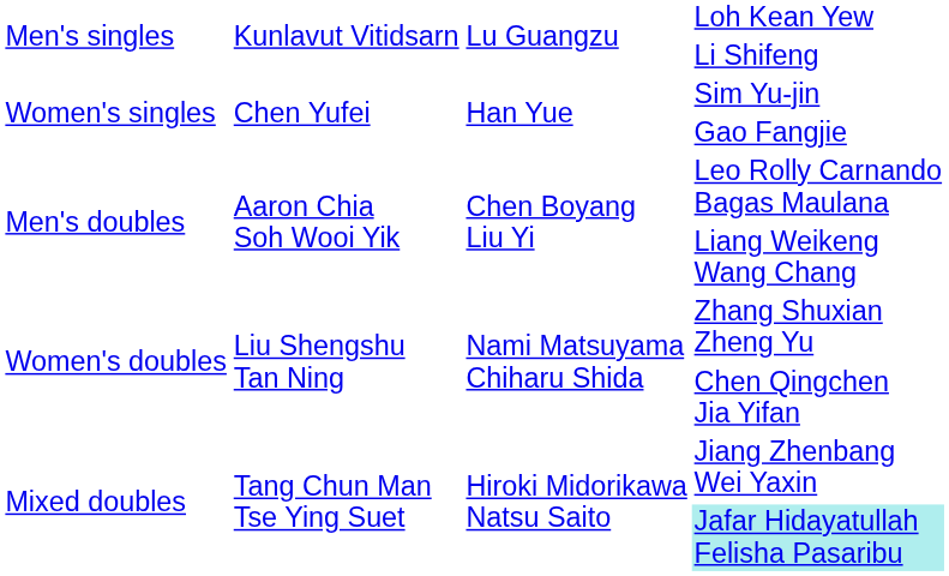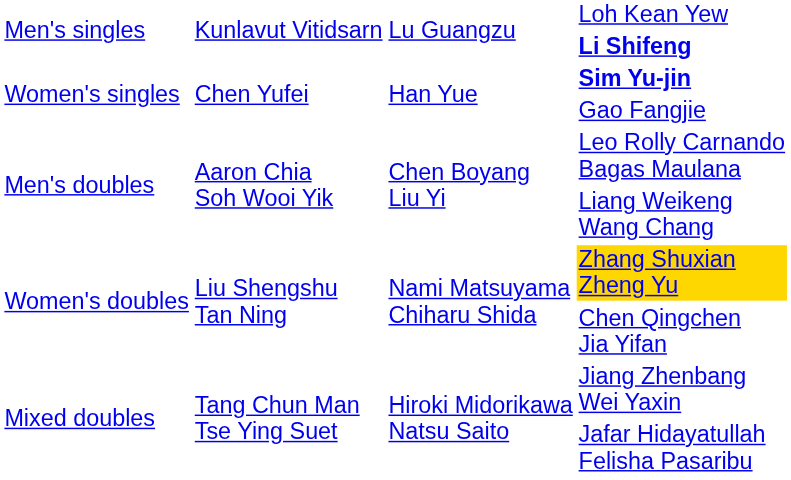 <table>
 <tr>
 <td rowspan="2"><a href='#'>Men's singles</a></td>
 <td rowspan="2"> <a href='#'>Kunlavut Vitidsarn</a></td>
 <td rowspan="2"> <a href='#'>Lu Guangzu</a></td>
 <td> <a href='#'>Loh Kean Yew</a></td>
 </tr>
 <tr>
-<td> <a href='#'>Li Shifeng</a></td>
+<td><strong> <a href='#'>Li Shifeng</a></strong></td>
 </tr>
 <tr>
 <td rowspan="2"><a href='#'>Women's singles</a></td>
 <td rowspan="2"> <a href='#'>Chen Yufei</a></td>
 <td rowspan="2"> <a href='#'>Han Yue</a></td>
-<td> <a href='#'>Sim Yu-jin</a></td>
+<td><strong> <a href='#'>Sim Yu-jin</a></strong></td>
 </tr>
 <tr>
 <td> <a href='#'>Gao Fangjie</a></td>
 </tr>
 <tr>
 <td rowspan="2"><a href='#'>Men's doubles</a></td>
 <td rowspan="2"> <a href='#'>Aaron Chia</a><br>  <a href='#'>Soh Wooi Yik</a></td>
 <td rowspan="2"> <a href='#'>Chen Boyang</a><br> <a href='#'>Liu Yi</a></td>
 <td> <a href='#'>Leo Rolly Carnando</a> <br> <a href='#'>Bagas Maulana</a></td>
 </tr>
 <tr>
 <td> <a href='#'>Liang Weikeng</a> <br> <a href='#'>Wang Chang</a></td>
 </tr>
 <tr>
 <td rowspan="2"><a href='#'>Women's doubles</a></td>
 <td rowspan="2"> <a href='#'>Liu Shengshu</a><br> <a href='#'>Tan Ning</a></td>
 <td rowspan="2"> <a href='#'>Nami Matsuyama</a><br> <a href='#'>Chiharu Shida</a></td>
-<td> <a href='#'>Zhang Shuxian</a> <br> <a href='#'>Zheng Yu</a></td>
+<td style="background: gold;"> <a href='#'>Zhang Shuxian</a> <br> <a href='#'>Zheng Yu</a></td>
 </tr>
 <tr>
 <td> <a href='#'>Chen Qingchen</a> <br> <a href='#'>Jia Yifan</a></td>
 </tr>
 <tr>
 <td rowspan="2"><a href='#'>Mixed doubles</a></td>
 <td rowspan="2"> <a href='#'>Tang Chun Man</a><br> <a href='#'>Tse Ying Suet</a></td>
 <td rowspan="2"> <a href='#'>Hiroki Midorikawa</a><br> <a href='#'>Natsu Saito</a></td>
 <td> <a href='#'>Jiang Zhenbang</a> <br>  <a href='#'>Wei Yaxin</a></td>
 </tr>
 <tr>
-<td style="background: paleturquoise;"> <a href='#'>Jafar Hidayatullah</a> <br> <a href='#'>Felisha Pasaribu</a></td>
+<td> <a href='#'>Jafar Hidayatullah</a> <br> <a href='#'>Felisha Pasaribu</a></td>
 </tr>
 </table>
